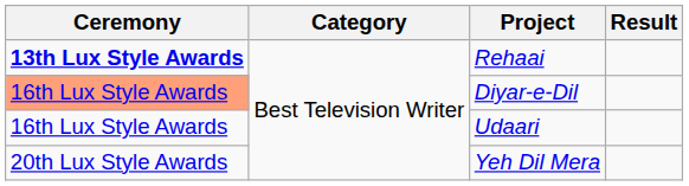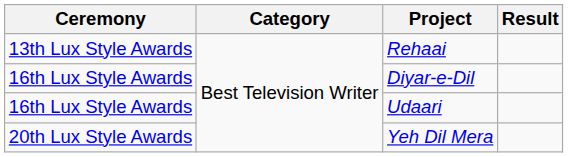 <table class="wikitable style">
 <tr>
 <th>Ceremony</th>
 <th>Category</th>
 <th>Project</th>
 <th>Result</th>
 </tr>
 <tr>
-<td><strong><a href='#'>13th Lux Style Awards</a></strong></td>
+<td><a href='#'>13th Lux Style Awards</a></td>
 <td rowspan="4">Best Television Writer</td>
 <td><em><a href='#'>Rehaai</a></em></td>
 <td></td>
 </tr>
 <tr>
-<td style="background: lightsalmon;"><a href='#'>16th Lux Style Awards</a></td>
+<td><a href='#'>16th Lux Style Awards</a></td>
 <td><em><a href='#'>Diyar-e-Dil</a> </em></td>
 <td></td>
 </tr>
 <tr>
 <td><a href='#'>16th Lux Style Awards</a></td>
 <td><em><a href='#'>Udaari</a></em></td>
 <td></td>
 </tr>
 <tr>
 <td><a href='#'>20th Lux Style Awards</a></td>
 <td><em><a href='#'>Yeh Dil Mera</a></em></td>
 <td></td>
 </tr>
 </table>
